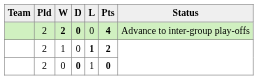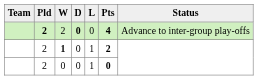 <table style=border-collapse:collapse border=1 cellspacing=0 cellpadding=5>
 <tr align=center bgcolor=#efefef>
 <th>Team</th>
 <th>Pld</th>
 <th>W</th>
 <th>D</th>
 <th>L</th>
 <th>Pts</th>
 <th>Status</th>
 </tr>
 <tr align=center style="background:#D0F0C0;">
 <td style="text-align:left;"> </td>
+<td><strong>2</strong></td>
 <td>2</td>
-<td><strong>2</strong></td>
 <td><strong>0</strong></td>
 <td>0</td>
 <td><strong>4</strong></td>
 <td rowspan=1>Advance to inter-group play-offs</td>
 </tr>
 <tr align=center style="background:#FFFFFF;">
 <td style="text-align:left;"> </td>
 <td>2</td>
+<td><strong>1</strong></td>
+<td>0</td>
 <td>1</td>
-<td>0</td>
-<td><strong>1</strong></td>
 <td><strong>2</strong></td>
 </tr>
 <tr align=center style="background:#FFFFFF;">
 <td style="text-align:left;"> </td>
 <td>2</td>
 <td>0</td>
-<td><strong>0</strong></td>
+<td>0</td>
 <td>1</td>
 <td><strong>0</strong></td>
 </tr>
 </table>
